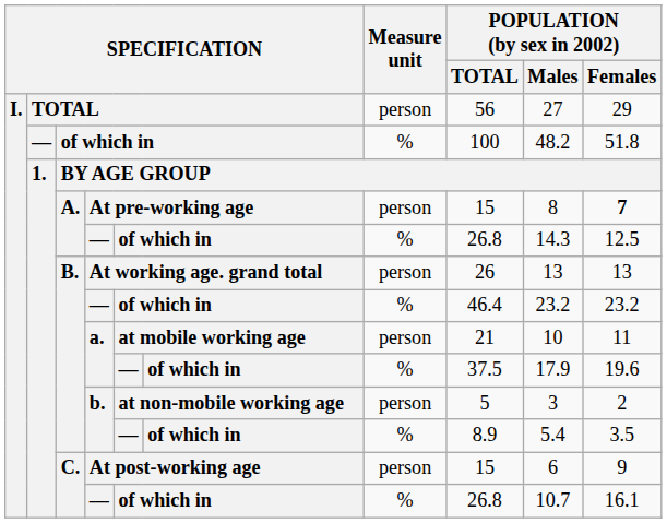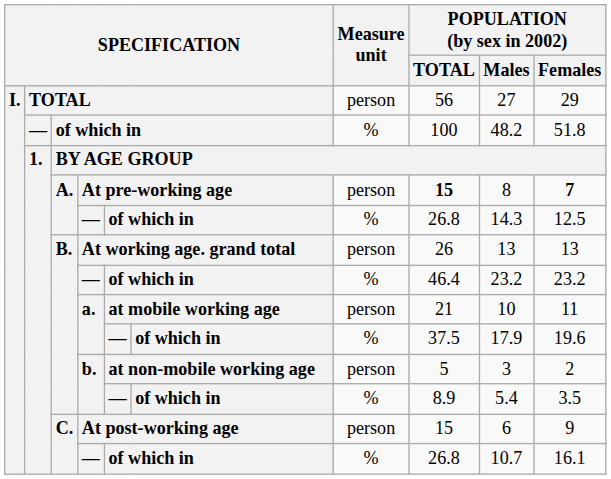 <table class="wikitable" style="font-size:85%; text-align:center">
 <tr>
 <th rowspan="2" colspan="6">SPECIFICATION</th>
 <th rowspan="2">Measure<br> unit</th>
 <th colspan="3" rowspan="1">POPULATION<br> (by sex in 2002)</th>
 </tr>
 <tr>
 <th>TOTAL</th>
 <th>Males</th>
 <th>Females</th>
 </tr>
 <tr>
 <th style="text-align:left" valign="top" rowspan="13">I.</th>
 <th style="text-align:left" colspan="5">TOTAL</th>
 <td>person</td>
 <td>56</td>
 <td>27</td>
 <td>29</td>
 </tr>
 <tr>
 <th style="text-align:left" valign="top">—</th>
 <th style="text-align:left" colspan="4">of which in</th>
 <td>%</td>
 <td>100</td>
 <td>48.2</td>
 <td>51.8</td>
 </tr>
 <tr>
 <th style="text-align:left" valign="top" rowspan="11">1.</th>
 <th style="text-align:left" colspan="19">BY AGE GROUP</th>
 </tr>
 <tr>
 <th style="text-align:left" valign="top" rowspan="2">A.</th>
 <th style="text-align:left" colspan="3">At pre-working age</th>
 <td>person</td>
-<td>15</td>
+<td><strong>15</strong></td>
 <td>8</td>
 <td><strong>7</strong></td>
 </tr>
 <tr>
 <th style="text-align:left" valign="top">—</th>
 <th style="text-align:left" valign="top" colspan="2">of which in</th>
 <td>%</td>
 <td>26.8</td>
 <td>14.3</td>
 <td>12.5</td>
 </tr>
 <tr>
 <th style="text-align:left" valign="top" rowspan="6">B.</th>
 <th style="text-align:left" colspan="3">At working age. grand total</th>
 <td>person</td>
 <td>26</td>
 <td>13</td>
 <td>13</td>
 </tr>
 <tr>
 <th style="text-align:left" valign="top">—</th>
 <th style="text-align:left" valign="top" colspan="2">of which in</th>
 <td>%</td>
 <td>46.4</td>
 <td>23.2</td>
 <td>23.2</td>
 </tr>
 <tr>
 <th style="text-align:left" valign="top" rowspan="2">a.</th>
 <th style="text-align:left" colspan="2">at mobile working age</th>
 <td>person</td>
 <td>21</td>
 <td>10</td>
 <td>11</td>
 </tr>
 <tr>
 <th style="text-align:left" valign="top">—</th>
 <th style="text-align:left" valign="top" colspan="1">of which in                        </th>
 <td>%</td>
 <td>37.5</td>
 <td>17.9</td>
 <td>19.6</td>
 </tr>
 <tr>
 <th style="text-align:left" valign="top" rowspan="2">b.</th>
 <th style="text-align:left" colspan="2">at non-mobile working age</th>
 <td>person</td>
 <td>5</td>
 <td>3</td>
 <td>2</td>
 </tr>
 <tr>
 <th style="text-align:left" valign="top">—</th>
 <th style="text-align:left" valign="top" colspan="1">of which in                        </th>
 <td>%</td>
 <td>8.9</td>
 <td>5.4</td>
 <td>3.5</td>
 </tr>
 <tr>
 <th style="text-align:left" valign="top" rowspan="2">C.</th>
 <th style="text-align:left" colspan="3">At post-working age</th>
 <td>person</td>
 <td>15</td>
 <td>6</td>
 <td>9</td>
 </tr>
 <tr>
 <th style="text-align:left" valign="top">—</th>
 <th style="text-align:left" valign="top" colspan="2">of which in</th>
 <td>%</td>
 <td>26.8</td>
 <td>10.7</td>
 <td>16.1</td>
 </tr>
 </table>
